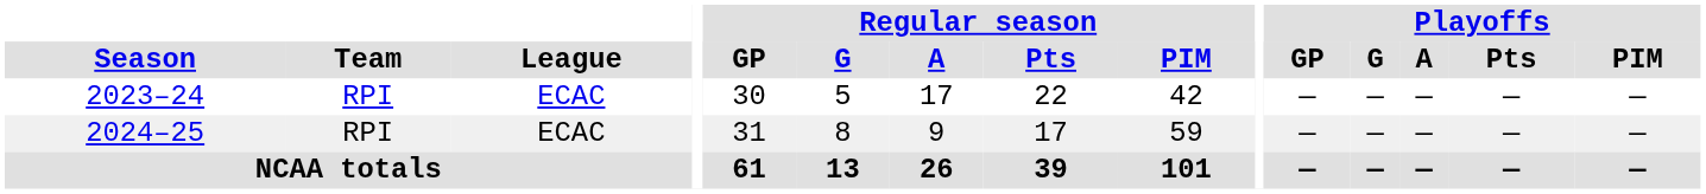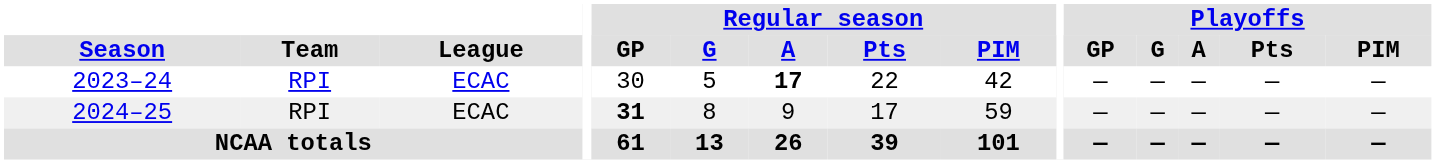 <table border="0" cellpadding="1" cellspacing="0" style="text-align:center; width:60em">
 <tr bgcolor="#e0e0e0">
 <th colspan="3" bgcolor="#ffffff"></th>
 <th rowspan="97" bgcolor="#ffffff"></th>
 <th colspan="5"><a href='#'>Regular season</a></th>
 <th rowspan="97" bgcolor="#ffffff"></th>
 <th colspan="5"><a href='#'>Playoffs</a></th>
 </tr>
 <tr bgcolor="#e0e0e0">
 <th><a href='#'>Season</a></th>
 <th>Team</th>
 <th>League</th>
 <th>GP</th>
 <th><a href='#'>G</a></th>
 <th><a href='#'>A</a></th>
 <th><a href='#'>Pts</a></th>
 <th><a href='#'>PIM</a></th>
 <th>GP</th>
 <th>G</th>
 <th>A</th>
 <th>Pts</th>
 <th>PIM</th>
 </tr>
 <tr>
 <td><a href='#'>2023–24</a></td>
 <td><a href='#'>RPI</a></td>
 <td><a href='#'>ECAC</a></td>
 <td>30</td>
 <td>5</td>
-<td>17</td>
+<td><strong>17</strong></td>
 <td>22</td>
 <td>42</td>
 <td>—</td>
 <td>—</td>
 <td>—</td>
 <td>—</td>
 <td>—</td>
 </tr>
 <tr bgcolor="#f0f0f0">
 <td><a href='#'>2024–25</a></td>
 <td>RPI</td>
 <td>ECAC</td>
-<td>31</td>
+<td><strong>31</strong></td>
 <td>8</td>
 <td>9</td>
 <td>17</td>
 <td>59</td>
 <td>—</td>
 <td>—</td>
 <td>—</td>
 <td>—</td>
 <td>—</td>
 </tr>
 <tr bgcolor="#e0e0e0">
 <th colspan="3">NCAA totals</th>
 <th>61</th>
 <th>13</th>
 <th>26</th>
 <th>39</th>
 <th>101</th>
 <th>—</th>
 <th>—</th>
 <th>—</th>
 <th>—</th>
 <th>—</th>
 </tr>
 </table>
